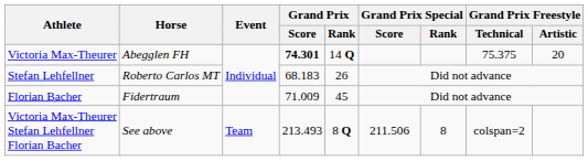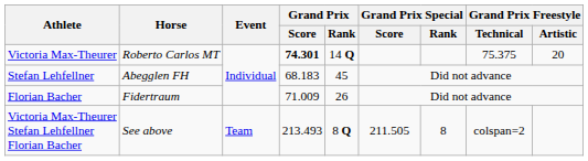 <table class=wikitable style=font-size:90%;>
 <tr>
 <th rowspan="2">Athlete</th>
 <th rowspan="2">Horse</th>
 <th rowspan="2">Event</th>
 <th colspan="2">Grand Prix</th>
 <th colspan="2">Grand Prix Special</th>
 <th colspan="2">Grand Prix Freestyle</th>
 </tr>
 <tr style="font-size:95%">
 <th>Score</th>
 <th>Rank</th>
 <th>Score</th>
 <th>Rank</th>
 <th>Technical</th>
 <th>Artistic</th>
 </tr>
 <tr align=center>
 <td align=left><a href='#'>Victoria Max-Theurer</a></td>
-<td align=left><em>Abegglen FH</em></td>
+<td align=left><em>Roberto Carlos MT</em></td>
 <td rowspan=3 align=left><a href='#'>Individual</a></td>
 <td><strong>74.301</strong></td>
 <td>14 <strong>Q</strong></td>
 <td></td>
 <td></td>
 <td>75.375</td>
 <td>20</td>
 </tr>
 <tr align=center>
 <td align=left><a href='#'>Stefan Lehfellner</a></td>
-<td align=left><em>Roberto Carlos MT</em></td>
+<td align=left><em>Abegglen FH</em></td>
 <td>68.183</td>
-<td>26</td>
+<td>45</td>
 <td colspan=4>Did not advance</td>
 </tr>
 <tr align=center>
 <td align=left><a href='#'>Florian Bacher</a></td>
 <td align=left><em>Fidertraum</em></td>
 <td>71.009</td>
-<td>45</td>
+<td>26</td>
 <td colspan=4>Did not advance</td>
 </tr>
 <tr align=center>
 <td align=left><a href='#'>Victoria Max-Theurer</a><br><a href='#'>Stefan Lehfellner</a><br><a href='#'>Florian Bacher</a></td>
 <td align=left><em>See above</em></td>
 <td align=left><a href='#'>Team</a></td>
 <td>213.493</td>
 <td>8 <strong>Q</strong></td>
-<td>211.506</td>
+<td>211.505</td>
 <td>8</td>
 <td>colspan=2 </td>
 </tr>
 </table>
